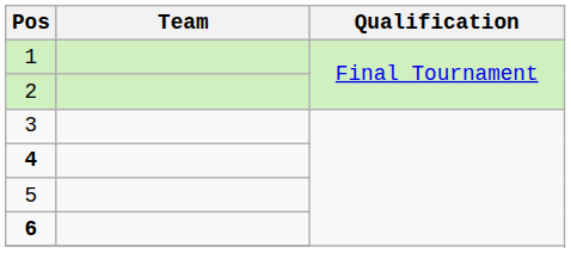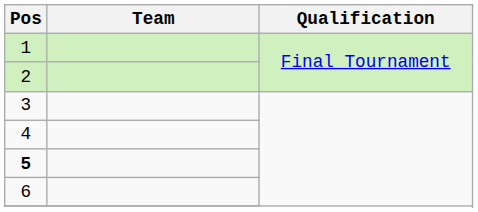 <table class="wikitable" border="1" style="text-align: center;">
 <tr>
 <th width="25"><abbr>Pos</abbr></th>
 <th width="150">Team</th>
 <th width="150">Qualification</th>
 </tr>
 <tr bgcolor= #D0F0C0>
 <td>1</td>
 <td align="left"></td>
 <td rowspan=2><a href='#'>Final Tournament</a></td>
 </tr>
 <tr bgcolor= #D0F0C0>
 <td>2</td>
 <td align="left"></td>
 </tr>
 <tr>
 <td>3</td>
 <td align="left"></td>
 </tr>
 <tr>
-<td><strong>4</strong></td>
+<td>4</td>
 <td align="left"></td>
 </tr>
 <tr>
-<td>5</td>
+<td><strong>5</strong></td>
 <td align="left"></td>
 </tr>
 <tr>
-<td><strong>6</strong></td>
+<td>6</td>
 <td align="left"></td>
 </tr>
 <tr>
 </tr>
 </table>
